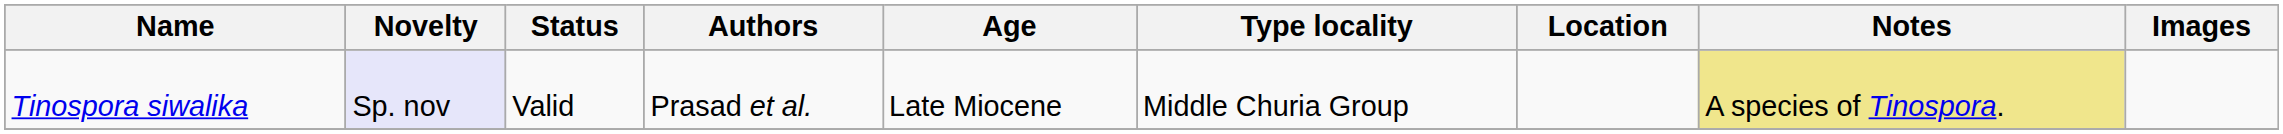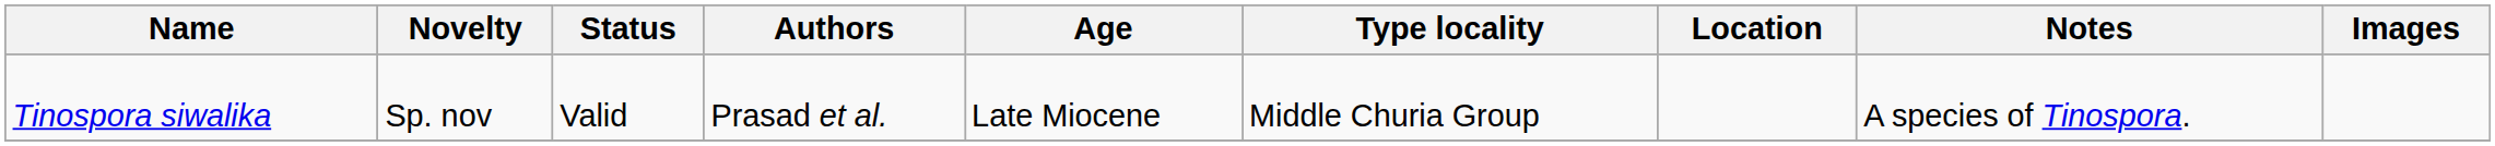 <table class="wikitable sortable" align="center" width="100%">
 <tr>
 <th>Name</th>
 <th>Novelty</th>
 <th>Status</th>
 <th>Authors</th>
 <th>Age</th>
 <th>Type locality</th>
 <th>Location</th>
 <th>Notes</th>
 <th>Images</th>
 </tr>
 <tr>
 <td><br><em><a href='#'>Tinospora siwalika</a></em></td>
-<td style="background: lavender;"><br>Sp. nov</td>
+<td><br>Sp. nov</td>
 <td><br>Valid</td>
 <td><br>Prasad <em>et al.</em></td>
 <td><br>Late Miocene</td>
 <td><br>Middle Churia Group</td>
 <td><br></td>
-<td style="background: khaki;"><br>A species of <em><a href='#'>Tinospora</a></em>.</td>
+<td><br>A species of <em><a href='#'>Tinospora</a></em>.</td>
 <td></td>
 </tr>
 <tr>
 </tr>
 </table>
